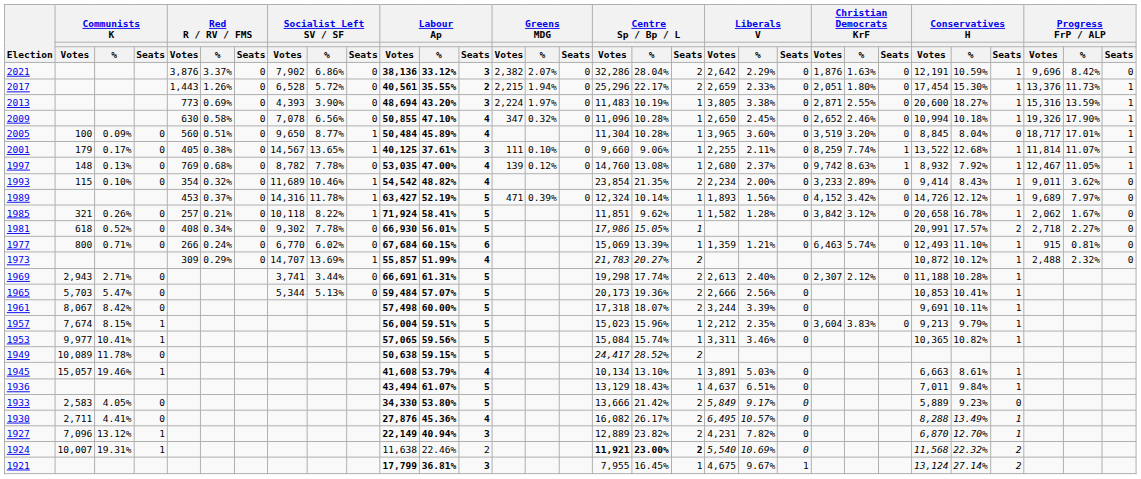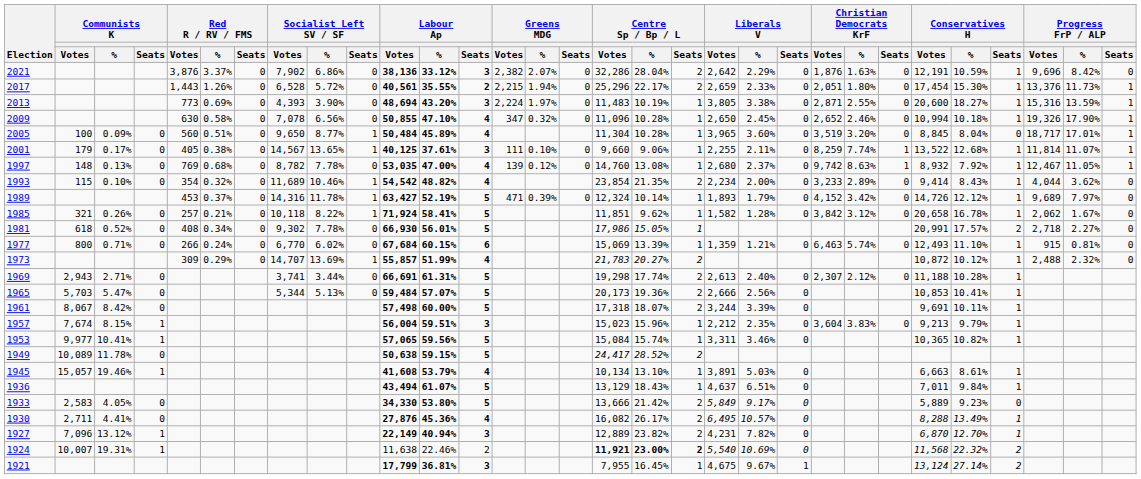 <table class="wikitable" border="1" style="font-size:80%; text-align:right;">
 <tr>
 <th style="text-align:left;" valign=bottom rowspan=3>Election</th>
 <th valign=bottom colspan=3><a href='#'>Communists</a><br>K</th>
 <th valign=bottom colspan=3><a href='#'>Red</a><br>R / RV / FMS</th>
 <th valign=bottom colspan=3><a href='#'>Socialist Left</a><br>SV / SF</th>
 <th valign=bottom colspan=3><a href='#'>Labour</a><br>Ap</th>
 <th valign=bottom colspan=3><a href='#'>Greens</a><br>MDG</th>
 <th valign=bottom colspan=3><a href='#'>Centre</a><br>Sp / Bp / L</th>
 <th valign=bottom colspan=3><a href='#'>Liberals</a><br>V</th>
 <th valign=bottom colspan=3><a href='#'>Christian<br>Democrats</a><br>KrF</th>
 <th valign=bottom colspan=3><a href='#'>Conservatives</a><br>H</th>
 <th valign=bottom colspan=3><a href='#'>Progress</a><br>FrP / ALP</th>
 </tr>
 <tr>
 <th colspan=3 style="background:"></th>
 <th colspan=3 style="background:"></th>
 <th colspan=3 style="background:"></th>
 <th colspan=3 style="background:"></th>
 <th colspan=3 style="background:"></th>
 <th colspan=3 style="background:"></th>
 <th colspan=3 style="background:"></th>
 <th colspan=3 style="background:"></th>
 <th colspan=3 style="background:"></th>
 <th colspan=3 style="background:"></th>
 </tr>
 <tr>
 <th>Votes</th>
 <th>%</th>
 <th>Seats</th>
 <th>Votes</th>
 <th>%</th>
 <th>Seats</th>
 <th>Votes</th>
 <th>%</th>
 <th>Seats</th>
 <th>Votes</th>
 <th>%</th>
 <th>Seats</th>
 <th>Votes</th>
 <th>%</th>
 <th>Seats</th>
 <th>Votes</th>
 <th>%</th>
 <th>Seats</th>
 <th>Votes</th>
 <th>%</th>
 <th>Seats</th>
 <th>Votes</th>
 <th>%</th>
 <th>Seats</th>
 <th>Votes</th>
 <th>%</th>
 <th>Seats</th>
 <th>Votes</th>
 <th>%</th>
 <th>Seats</th>
 </tr>
 <tr>
 <td align=left><a href='#'>2021</a></td>
 <td></td>
 <td></td>
 <td></td>
 <td>3,876</td>
 <td>3.37%</td>
 <td>0</td>
 <td>7,902</td>
 <td>6.86%</td>
 <td>0</td>
 <td><strong>38,136</strong></td>
 <td><strong>33.12%</strong></td>
 <td><strong>3</strong></td>
 <td>2,382</td>
 <td>2.07%</td>
 <td>0</td>
 <td>32,286</td>
 <td>28.04%</td>
 <td>2</td>
 <td>2,642</td>
 <td>2.29%</td>
 <td>0</td>
 <td>1,876</td>
 <td>1.63%</td>
 <td>0</td>
 <td>12,191</td>
 <td>10.59%</td>
 <td>1</td>
 <td>9,696</td>
 <td>8.42%</td>
 <td>0</td>
 </tr>
 <tr>
 <td align=left><a href='#'>2017</a></td>
 <td></td>
 <td></td>
 <td></td>
 <td>1,443</td>
 <td>1.26%</td>
 <td>0</td>
 <td>6,528</td>
 <td>5.72%</td>
 <td>0</td>
 <td><strong>40,561</strong></td>
 <td><strong>35.55%</strong></td>
 <td><strong>2</strong></td>
 <td>2,215</td>
 <td>1.94%</td>
 <td>0</td>
 <td>25,296</td>
 <td>22.17%</td>
 <td>2</td>
 <td>2,659</td>
 <td>2.33%</td>
 <td>0</td>
 <td>2,051</td>
 <td>1.80%</td>
 <td>0</td>
 <td>17,454</td>
 <td>15.30%</td>
 <td>1</td>
 <td>13,376</td>
 <td>11.73%</td>
 <td>1</td>
 </tr>
 <tr>
 <td align=left><a href='#'>2013</a></td>
 <td></td>
 <td></td>
 <td></td>
 <td>773</td>
 <td>0.69%</td>
 <td>0</td>
 <td>4,393</td>
 <td>3.90%</td>
 <td>0</td>
 <td><strong>48,694</strong></td>
 <td><strong>43.20%</strong></td>
 <td><strong>3</strong></td>
 <td>2,224</td>
 <td>1.97%</td>
 <td>0</td>
 <td>11,483</td>
 <td>10.19%</td>
 <td>1</td>
 <td>3,805</td>
 <td>3.38%</td>
 <td>0</td>
 <td>2,871</td>
 <td>2.55%</td>
 <td>0</td>
 <td>20,600</td>
 <td>18.27%</td>
 <td>1</td>
 <td>15,316</td>
 <td>13.59%</td>
 <td>1</td>
 </tr>
 <tr>
 <td align=left><a href='#'>2009</a></td>
 <td></td>
 <td></td>
 <td></td>
 <td>630</td>
 <td>0.58%</td>
 <td>0</td>
 <td>7,078</td>
 <td>6.56%</td>
 <td>0</td>
 <td><strong>50,855</strong></td>
 <td><strong>47.10%</strong></td>
 <td><strong>4</strong></td>
 <td>347</td>
 <td>0.32%</td>
 <td>0</td>
 <td>11,096</td>
 <td>10.28%</td>
 <td>1</td>
 <td>2,650</td>
 <td>2.45%</td>
 <td>0</td>
 <td>2,652</td>
 <td>2.46%</td>
 <td>0</td>
 <td>10,994</td>
 <td>10.18%</td>
 <td>1</td>
 <td>19,326</td>
 <td>17.90%</td>
 <td>1</td>
 </tr>
 <tr>
 <td align=left><a href='#'>2005</a></td>
 <td>100</td>
 <td>0.09%</td>
 <td>0</td>
 <td>560</td>
 <td>0.51%</td>
 <td>0</td>
 <td>9,650</td>
 <td>8.77%</td>
 <td>1</td>
 <td><strong>50,484</strong></td>
 <td><strong>45.89%</strong></td>
 <td><strong>4</strong></td>
 <td></td>
 <td></td>
 <td></td>
 <td>11,304</td>
 <td>10.28%</td>
 <td>1</td>
 <td>3,965</td>
 <td>3.60%</td>
 <td>0</td>
 <td>3,519</td>
 <td>3.20%</td>
 <td>0</td>
 <td>8,845</td>
 <td>8.04%</td>
 <td>0</td>
 <td>18,717</td>
 <td>17.01%</td>
 <td>1</td>
 </tr>
 <tr>
 <td align=left><a href='#'>2001</a></td>
 <td>179</td>
 <td>0.17%</td>
 <td>0</td>
 <td>405</td>
 <td>0.38%</td>
 <td>0</td>
 <td>14,567</td>
 <td>13.65%</td>
 <td>1</td>
 <td><strong>40,125</strong></td>
 <td><strong>37.61%</strong></td>
 <td><strong>3</strong></td>
 <td>111</td>
 <td>0.10%</td>
 <td>0</td>
 <td>9,660</td>
 <td>9.06%</td>
 <td>1</td>
 <td>2,255</td>
 <td>2.11%</td>
 <td>0</td>
 <td>8,259</td>
 <td>7.74%</td>
 <td>1</td>
 <td>13,522</td>
 <td>12.68%</td>
 <td>1</td>
 <td>11,814</td>
 <td>11.07%</td>
 <td>1</td>
 </tr>
 <tr>
 <td align=left><a href='#'>1997</a></td>
 <td>148</td>
 <td>0.13%</td>
 <td>0</td>
 <td>769</td>
 <td>0.68%</td>
 <td>0</td>
 <td>8,782</td>
 <td>7.78%</td>
 <td>0</td>
 <td><strong>53,035</strong></td>
 <td><strong>47.00%</strong></td>
 <td><strong>4</strong></td>
 <td>139</td>
 <td>0.12%</td>
 <td>0</td>
 <td>14,760</td>
 <td>13.08%</td>
 <td>1</td>
 <td>2,680</td>
 <td>2.37%</td>
 <td>0</td>
 <td>9,742</td>
 <td>8.63%</td>
 <td>1</td>
 <td>8,932</td>
 <td>7.92%</td>
 <td>1</td>
 <td>12,467</td>
 <td>11.05%</td>
 <td>1</td>
 </tr>
 <tr>
 <td align=left><a href='#'>1993</a></td>
 <td>115</td>
 <td>0.10%</td>
 <td>0</td>
 <td>354</td>
 <td>0.32%</td>
 <td>0</td>
 <td>11,689</td>
 <td>10.46%</td>
 <td>1</td>
 <td><strong>54,542</strong></td>
 <td><strong>48.82%</strong></td>
 <td><strong>4</strong></td>
 <td></td>
 <td></td>
 <td></td>
 <td>23,854</td>
 <td>21.35%</td>
 <td>2</td>
 <td>2,234</td>
 <td>2.00%</td>
 <td>0</td>
 <td>3,233</td>
 <td>2.89%</td>
 <td>0</td>
 <td>9,414</td>
 <td>8.43%</td>
 <td>1</td>
-<td>9,011</td>
+<td>4,044</td>
 <td>3.62%</td>
 <td>0</td>
 </tr>
 <tr>
 <td align=left><a href='#'>1989</a></td>
 <td></td>
 <td></td>
 <td></td>
 <td>453</td>
 <td>0.37%</td>
 <td>0</td>
 <td>14,316</td>
 <td>11.78%</td>
 <td>1</td>
 <td><strong>63,427</strong></td>
 <td><strong>52.19%</strong></td>
 <td><strong>5</strong></td>
 <td>471</td>
 <td>0.39%</td>
 <td>0</td>
 <td>12,324</td>
 <td>10.14%</td>
 <td>1</td>
 <td>1,893</td>
-<td>1.56%</td>
+<td>1.79%</td>
 <td>0</td>
 <td>4,152</td>
 <td>3.42%</td>
 <td>0</td>
 <td>14,726</td>
 <td>12.12%</td>
 <td>1</td>
 <td>9,689</td>
 <td>7.97%</td>
 <td>0</td>
 </tr>
 <tr>
 <td align=left><a href='#'>1985</a></td>
 <td>321</td>
 <td>0.26%</td>
 <td>0</td>
 <td>257</td>
 <td>0.21%</td>
 <td>0</td>
 <td>10,118</td>
 <td>8.22%</td>
 <td>1</td>
 <td><strong>71,924</strong></td>
 <td><strong>58.41%</strong></td>
 <td><strong>5</strong></td>
 <td></td>
 <td></td>
 <td></td>
 <td>11,851</td>
 <td>9.62%</td>
 <td>1</td>
 <td>1,582</td>
 <td>1.28%</td>
 <td>0</td>
 <td>3,842</td>
 <td>3.12%</td>
 <td>0</td>
 <td>20,658</td>
 <td>16.78%</td>
 <td>1</td>
 <td>2,062</td>
 <td>1.67%</td>
 <td>0</td>
 </tr>
 <tr>
 <td align=left><a href='#'>1981</a></td>
 <td>618</td>
 <td>0.52%</td>
 <td>0</td>
 <td>408</td>
 <td>0.34%</td>
 <td>0</td>
 <td>9,302</td>
 <td>7.78%</td>
 <td>0</td>
 <td><strong>66,930</strong></td>
 <td><strong>56.01%</strong></td>
 <td><strong>5</strong></td>
 <td></td>
 <td></td>
 <td></td>
 <td><em>17,986</em></td>
 <td><em>15.05%</em></td>
 <td><em>1</em></td>
 <td></td>
 <td></td>
 <td></td>
 <td></td>
 <td></td>
 <td></td>
 <td>20,991</td>
 <td>17.57%</td>
 <td>2</td>
 <td>2,718</td>
 <td>2.27%</td>
 <td>0</td>
 </tr>
 <tr>
 <td align=left><a href='#'>1977</a></td>
 <td>800</td>
 <td>0.71%</td>
 <td>0</td>
 <td>266</td>
 <td>0.24%</td>
 <td>0</td>
 <td>6,770</td>
 <td>6.02%</td>
 <td>0</td>
 <td><strong>67,684</strong></td>
 <td><strong>60.15%</strong></td>
 <td><strong>6</strong></td>
 <td></td>
 <td></td>
 <td></td>
 <td>15,069</td>
 <td>13.39%</td>
 <td>1</td>
 <td>1,359</td>
 <td>1.21%</td>
 <td>0</td>
 <td>6,463</td>
 <td>5.74%</td>
 <td>0</td>
 <td>12,493</td>
 <td>11.10%</td>
 <td>1</td>
 <td>915</td>
 <td>0.81%</td>
 <td>0</td>
 </tr>
 <tr>
 <td align=left><a href='#'>1973</a></td>
 <td></td>
 <td></td>
 <td></td>
 <td>309</td>
 <td>0.29%</td>
 <td>0</td>
 <td>14,707</td>
 <td>13.69%</td>
 <td>1</td>
 <td><strong>55,857</strong></td>
 <td><strong>51.99%</strong></td>
 <td><strong>4</strong></td>
 <td></td>
 <td></td>
 <td></td>
 <td><em>21,783</em></td>
 <td><em>20.27%</em></td>
 <td><em>2</em></td>
 <td></td>
 <td></td>
 <td></td>
 <td></td>
 <td></td>
 <td></td>
 <td>10,872</td>
 <td>10.12%</td>
 <td>1</td>
 <td>2,488</td>
 <td>2.32%</td>
 <td>0</td>
 </tr>
 <tr>
 <td align=left><a href='#'>1969</a></td>
 <td>2,943</td>
 <td>2.71%</td>
 <td>0</td>
 <td></td>
 <td></td>
 <td></td>
 <td>3,741</td>
 <td>3.44%</td>
 <td>0</td>
 <td><strong>66,691</strong></td>
 <td><strong>61.31%</strong></td>
 <td><strong>5</strong></td>
 <td></td>
 <td></td>
 <td></td>
 <td>19,298</td>
 <td>17.74%</td>
 <td>2</td>
 <td>2,613</td>
 <td>2.40%</td>
 <td>0</td>
 <td>2,307</td>
 <td>2.12%</td>
 <td>0</td>
 <td>11,188</td>
 <td>10.28%</td>
 <td>1</td>
 <td></td>
 <td></td>
 <td></td>
 </tr>
 <tr>
 <td align=left><a href='#'>1965</a></td>
 <td>5,703</td>
 <td>5.47%</td>
 <td>0</td>
 <td></td>
 <td></td>
 <td></td>
 <td>5,344</td>
 <td>5.13%</td>
 <td>0</td>
 <td><strong>59,484</strong></td>
 <td><strong>57.07%</strong></td>
 <td><strong>5</strong></td>
 <td></td>
 <td></td>
 <td></td>
 <td>20,173</td>
 <td>19.36%</td>
 <td>2</td>
 <td>2,666</td>
 <td>2.56%</td>
 <td>0</td>
 <td></td>
 <td></td>
 <td></td>
 <td>10,853</td>
 <td>10.41%</td>
 <td>1</td>
 <td></td>
 <td></td>
 <td></td>
 </tr>
 <tr>
 <td align=left><a href='#'>1961</a></td>
 <td>8,067</td>
 <td>8.42%</td>
 <td>0</td>
 <td></td>
 <td></td>
 <td></td>
 <td></td>
 <td></td>
 <td></td>
 <td><strong>57,498</strong></td>
 <td><strong>60.00%</strong></td>
 <td><strong>5</strong></td>
 <td></td>
 <td></td>
 <td></td>
 <td>17,318</td>
 <td>18.07%</td>
 <td>2</td>
 <td>3,244</td>
 <td>3.39%</td>
 <td>0</td>
 <td></td>
 <td></td>
 <td></td>
 <td>9,691</td>
 <td>10.11%</td>
 <td>1</td>
 <td></td>
 <td></td>
 <td></td>
 </tr>
 <tr>
 <td align=left><a href='#'>1957</a></td>
 <td>7,674</td>
 <td>8.15%</td>
 <td>1</td>
 <td></td>
 <td></td>
 <td></td>
 <td></td>
 <td></td>
 <td></td>
 <td><strong>56,004</strong></td>
 <td><strong>59.51%</strong></td>
-<td><strong>5</strong></td>
+<td><strong>3</strong></td>
 <td></td>
 <td></td>
 <td></td>
 <td>15,023</td>
 <td>15.96%</td>
 <td>1</td>
 <td>2,212</td>
 <td>2.35%</td>
 <td>0</td>
 <td>3,604</td>
 <td>3.83%</td>
 <td>0</td>
 <td>9,213</td>
 <td>9.79%</td>
 <td>1</td>
 <td></td>
 <td></td>
 <td></td>
 </tr>
 <tr>
 <td align=left><a href='#'>1953</a></td>
 <td>9,977</td>
 <td>10.41%</td>
 <td>1</td>
 <td></td>
 <td></td>
 <td></td>
 <td></td>
 <td></td>
 <td></td>
 <td><strong>57,065</strong></td>
 <td><strong>59.56%</strong></td>
 <td><strong>5</strong></td>
 <td></td>
 <td></td>
 <td></td>
 <td>15,084</td>
 <td>15.74%</td>
 <td>1</td>
 <td>3,311</td>
 <td>3.46%</td>
 <td>0</td>
 <td></td>
 <td></td>
 <td></td>
 <td>10,365</td>
 <td>10.82%</td>
 <td>1</td>
 <td></td>
 <td></td>
 <td></td>
 </tr>
 <tr>
 <td align=left><a href='#'>1949</a></td>
 <td>10,089</td>
 <td>11.78%</td>
 <td>0</td>
 <td></td>
 <td></td>
 <td></td>
 <td></td>
 <td></td>
 <td></td>
 <td><strong>50,638</strong></td>
 <td><strong>59.15%</strong></td>
 <td><strong>5</strong></td>
 <td></td>
 <td></td>
 <td></td>
 <td><em>24,417</em></td>
 <td><em>28.52%</em></td>
 <td><em>2</em></td>
 <td></td>
 <td></td>
 <td></td>
 <td></td>
 <td></td>
 <td></td>
 <td></td>
 <td></td>
 <td></td>
 <td></td>
 <td></td>
 <td></td>
 </tr>
 <tr>
 <td align=left><a href='#'>1945</a></td>
 <td>15,057</td>
 <td>19.46%</td>
 <td>1</td>
 <td></td>
 <td></td>
 <td></td>
 <td></td>
 <td></td>
 <td></td>
 <td><strong>41,608</strong></td>
 <td><strong>53.79%</strong></td>
 <td><strong>4</strong></td>
 <td></td>
 <td></td>
 <td></td>
 <td>10,134</td>
 <td>13.10%</td>
 <td>1</td>
 <td>3,891</td>
 <td>5.03%</td>
 <td>0</td>
 <td></td>
 <td></td>
 <td></td>
 <td>6,663</td>
 <td>8.61%</td>
 <td>1</td>
 <td></td>
 <td></td>
 <td></td>
 </tr>
 <tr>
 <td align=left><a href='#'>1936</a></td>
 <td></td>
 <td></td>
 <td></td>
 <td></td>
 <td></td>
 <td></td>
 <td></td>
 <td></td>
 <td></td>
 <td><strong>43,494</strong></td>
 <td><strong>61.07%</strong></td>
 <td><strong>5</strong></td>
 <td></td>
 <td></td>
 <td></td>
 <td>13,129</td>
 <td>18.43%</td>
 <td>1</td>
 <td>4,637</td>
 <td>6.51%</td>
 <td>0</td>
 <td></td>
 <td></td>
 <td></td>
 <td>7,011</td>
 <td>9.84%</td>
 <td>1</td>
 <td></td>
 <td></td>
 <td></td>
 </tr>
 <tr>
 <td align=left><a href='#'>1933</a></td>
 <td>2,583</td>
 <td>4.05%</td>
 <td>0</td>
 <td></td>
 <td></td>
 <td></td>
 <td></td>
 <td></td>
 <td></td>
 <td><strong>34,330</strong></td>
 <td><strong>53.80%</strong></td>
 <td><strong>5</strong></td>
 <td></td>
 <td></td>
 <td></td>
 <td>13,666</td>
 <td>21.42%</td>
 <td>2</td>
 <td><em>5,849</em></td>
 <td><em>9.17%</em></td>
 <td><em>0</em></td>
 <td></td>
 <td></td>
 <td></td>
 <td>5,889</td>
 <td>9.23%</td>
 <td>0</td>
 <td></td>
 <td></td>
 <td></td>
 </tr>
 <tr>
 <td align=left><a href='#'>1930</a></td>
 <td>2,711</td>
 <td>4.41%</td>
 <td>0</td>
 <td></td>
 <td></td>
 <td></td>
 <td></td>
 <td></td>
 <td></td>
 <td><strong>27,876</strong></td>
 <td><strong>45.36%</strong></td>
 <td><strong>4</strong></td>
 <td></td>
 <td></td>
 <td></td>
 <td>16,082</td>
 <td>26.17%</td>
 <td>2</td>
 <td><em>6,495</em></td>
 <td><em>10.57%</em></td>
 <td><em>0</em></td>
 <td></td>
 <td></td>
 <td></td>
 <td><em>8,288</em></td>
 <td><em>13.49%</em></td>
 <td><em>1</em></td>
 <td></td>
 <td></td>
 <td></td>
 </tr>
 <tr>
 <td align=left><a href='#'>1927</a></td>
 <td>7,096</td>
 <td>13.12%</td>
 <td>1</td>
 <td></td>
 <td></td>
 <td></td>
 <td></td>
 <td></td>
 <td></td>
 <td><strong>22,149</strong></td>
 <td><strong>40.94%</strong></td>
 <td><strong>3</strong></td>
 <td></td>
 <td></td>
 <td></td>
 <td>12,889</td>
 <td>23.82%</td>
 <td>2</td>
 <td>4,231</td>
 <td>7.82%</td>
 <td>0</td>
 <td></td>
 <td></td>
 <td></td>
 <td><em>6,870</em></td>
 <td><em>12.70%</em></td>
 <td><em>1</em></td>
 <td></td>
 <td></td>
 <td></td>
 </tr>
 <tr>
 <td align=left><a href='#'>1924</a></td>
 <td>10,007</td>
 <td>19.31%</td>
 <td>1</td>
 <td></td>
 <td></td>
 <td></td>
 <td></td>
 <td></td>
 <td></td>
 <td>11,638</td>
 <td>22.46%</td>
 <td>2</td>
 <td></td>
 <td></td>
 <td></td>
 <td><strong>11,921</strong></td>
 <td><strong>23.00%</strong></td>
 <td><strong>2</strong></td>
 <td><em>5,540</em></td>
 <td><em>10.69%</em></td>
 <td><em>0</em></td>
 <td></td>
 <td></td>
 <td></td>
 <td><em>11,568</em></td>
 <td><em>22.32%</em></td>
 <td><em>2</em></td>
 <td></td>
 <td></td>
 <td></td>
 </tr>
 <tr>
 <td align=left><a href='#'>1921</a></td>
 <td></td>
 <td></td>
 <td></td>
 <td></td>
 <td></td>
 <td></td>
 <td></td>
 <td></td>
 <td></td>
 <td><strong>17,799</strong></td>
 <td><strong>36.81%</strong></td>
 <td><strong>3</strong></td>
 <td></td>
 <td></td>
 <td></td>
 <td>7,955</td>
 <td>16.45%</td>
 <td>1</td>
 <td>4,675</td>
 <td>9.67%</td>
 <td>1</td>
 <td></td>
 <td></td>
 <td></td>
 <td><em>13,124</em></td>
 <td><em>27.14%</em></td>
 <td><em>2</em></td>
 <td></td>
 <td></td>
 <td></td>
 </tr>
 </table>
